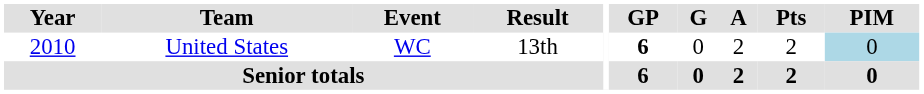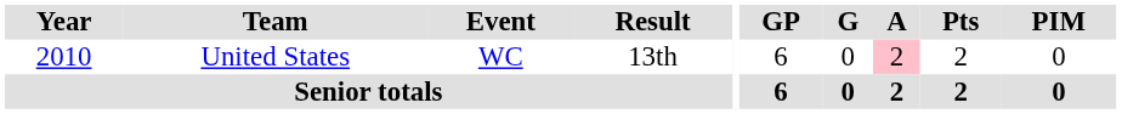 <table border="0" cellpadding="1" cellspacing="0" ID="Table3" style="text-align:center; width:40em">
 <tr ALIGN="center" bgcolor="#e0e0e0">
 <th>Year</th>
 <th>Team</th>
 <th>Event</th>
 <th>Result</th>
 <th rowspan="99" bgcolor="#ffffff"></th>
 <th>GP</th>
 <th>G</th>
 <th>A</th>
 <th>Pts</th>
 <th>PIM</th>
 </tr>
 <tr>
 <td><a href='#'>2010</a></td>
 <td><a href='#'>United States</a></td>
 <td><a href='#'>WC</a></td>
 <td>13th</td>
-<td><strong>6</strong></td>
+<td>6</td>
 <td>0</td>
+<td style="background: pink;">2</td>
 <td>2</td>
-<td>2</td>
-<td style="background: lightblue;">0</td>
+<td>0</td>
 </tr>
 <tr ALIGN="center" bgcolor="#e0e0e0">
 <th colspan=4>Senior totals</th>
 <th>6</th>
 <th>0</th>
 <th>2</th>
 <th>2</th>
 <th>0</th>
 </tr>
 </table>
